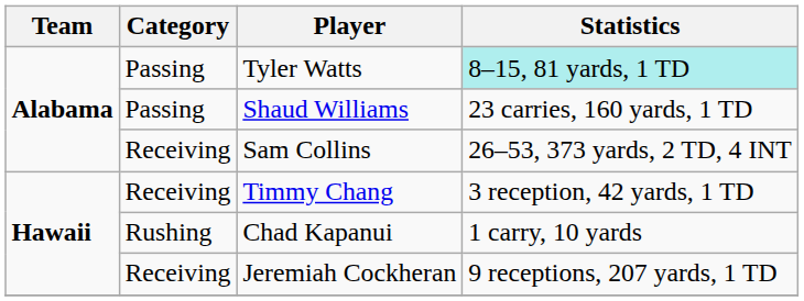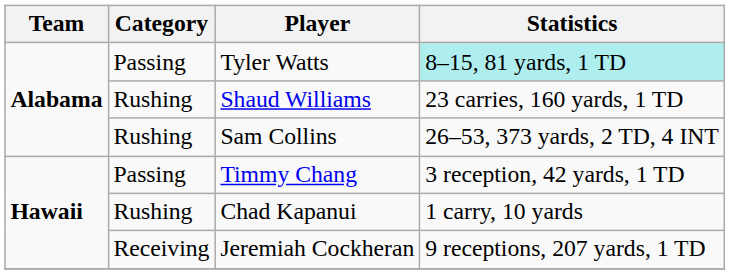 <table class="wikitable" style="float: right;">
 <tr>
 <th>Team</th>
 <th>Category</th>
 <th>Player</th>
 <th>Statistics</th>
 </tr>
 <tr>
 <td rowspan=3><strong>Alabama</strong></td>
 <td>Passing</td>
 <td>Tyler Watts</td>
 <td style="background: paleturquoise;">8–15, 81 yards, 1 TD</td>
 </tr>
 <tr>
-<td>Passing</td>
+<td>Rushing</td>
 <td><a href='#'>Shaud Williams</a></td>
 <td>23 carries, 160 yards, 1 TD</td>
 </tr>
 <tr>
-<td>Receiving</td>
+<td>Rushing</td>
 <td>Sam Collins</td>
 <td>26–53, 373 yards, 2 TD, 4 INT</td>
 </tr>
 <tr>
 <td rowspan=3><strong>Hawaii</strong></td>
-<td>Receiving</td>
+<td>Passing</td>
 <td><a href='#'>Timmy Chang</a></td>
 <td>3 reception, 42 yards, 1 TD</td>
 </tr>
 <tr>
 <td>Rushing</td>
 <td>Chad Kapanui</td>
 <td>1 carry, 10 yards</td>
 </tr>
 <tr>
 <td>Receiving</td>
 <td>Jeremiah Cockheran</td>
 <td>9 receptions, 207 yards, 1 TD</td>
 </tr>
 <tr>
 </tr>
 </table>
